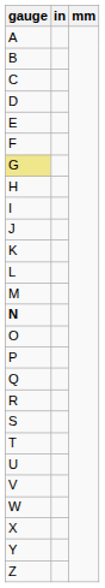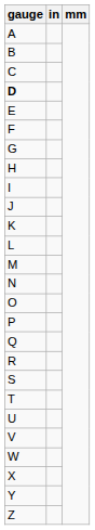 <table class="wikitable">
 <tr>
 <th>gauge</th>
 <th>in</th>
 <th>mm</th>
 </tr>
 <tr>
 <td>A</td>
 <td></td>
 </tr>
 <tr>
 <td>B</td>
 <td></td>
 </tr>
 <tr>
 <td>C</td>
 <td></td>
 </tr>
 <tr>
-<td>D</td>
+<td><strong>D</strong></td>
 <td></td>
 </tr>
 <tr>
 <td>E</td>
 <td></td>
 </tr>
 <tr>
 <td>F</td>
 <td></td>
 </tr>
 <tr>
-<td style="background: khaki;">G</td>
+<td>G</td>
 <td></td>
 </tr>
 <tr>
 <td>H</td>
 <td></td>
 </tr>
 <tr>
 <td>I</td>
 <td></td>
 </tr>
 <tr>
 <td>J</td>
 <td></td>
 </tr>
 <tr>
 <td>K</td>
 <td></td>
 </tr>
 <tr>
 <td>L</td>
 <td></td>
 </tr>
 <tr>
 <td>M</td>
 <td></td>
 </tr>
 <tr>
-<td><strong>N</strong></td>
+<td>N</td>
 <td></td>
 </tr>
 <tr>
 <td>O</td>
 <td></td>
 </tr>
 <tr>
 <td>P</td>
 <td></td>
 </tr>
 <tr>
 <td>Q</td>
 <td></td>
 </tr>
 <tr>
 <td>R</td>
 <td></td>
 </tr>
 <tr>
 <td>S</td>
 <td></td>
 </tr>
 <tr>
 <td>T</td>
 <td></td>
 </tr>
 <tr>
 <td>U</td>
 <td></td>
 </tr>
 <tr>
 <td>V</td>
 <td></td>
 </tr>
 <tr>
 <td>W</td>
 <td></td>
 </tr>
 <tr>
 <td>X</td>
 <td></td>
 </tr>
 <tr>
 <td>Y</td>
 <td></td>
 </tr>
 <tr>
 <td>Z</td>
 <td></td>
 </tr>
 </table>
